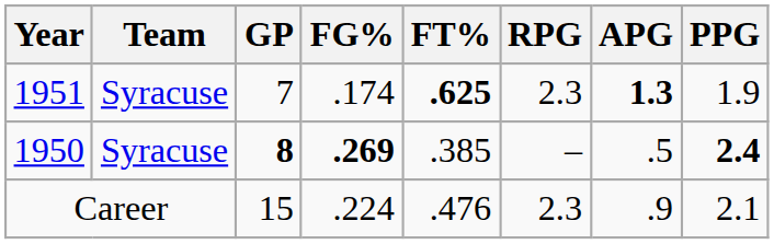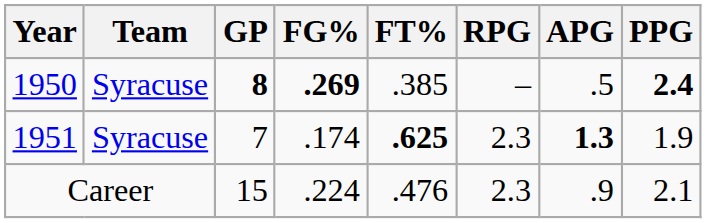 <table class="wikitable sortable" style="font-size:95%; text-align:right;">
 <tr>
 <th scope="col">Year</th>
 <th scope="col">Team</th>
 <th scope="col">GP</th>
 <th scope="col">FG%</th>
 <th scope="col">FT%</th>
 <th scope="col">RPG</th>
 <th scope="col">APG</th>
 <th scope="col">PPG</th>
 </tr>
 <tr>
+<td style="text-align:left;"><a href='#'>1950</a></td>
+<td style="text-align:left;"><a href='#'>Syracuse</a></td>
+<td><strong>8</strong></td>
+<td><strong>.269</strong></td>
+<td>.385</td>
+<td>–</td>
+<td>.5</td>
+<td><strong>2.4</strong></td>
+</tr>
+<tr>
 <td style="text-align:left;"><a href='#'>1951</a></td>
 <td style="text-align:left;"><a href='#'>Syracuse</a></td>
 <td>7</td>
 <td>.174</td>
 <td><strong>.625</strong></td>
 <td>2.3</td>
 <td><strong>1.3</strong></td>
 <td>1.9</td>
-</tr>
-<tr>
-<td style="text-align:left;"><a href='#'>1950</a></td>
-<td style="text-align:left;"><a href='#'>Syracuse</a></td>
-<td><strong>8</strong></td>
-<td><strong>.269</strong></td>
-<td>.385</td>
-<td>–</td>
-<td>.5</td>
-<td><strong>2.4</strong></td>
 </tr>
 <tr class="sortbottom">
 <td style="text-align:center;" colspan="2">Career</td>
 <td>15</td>
 <td>.224</td>
 <td>.476</td>
 <td>2.3</td>
 <td>.9</td>
 <td>2.1</td>
 </tr>
 </table>
